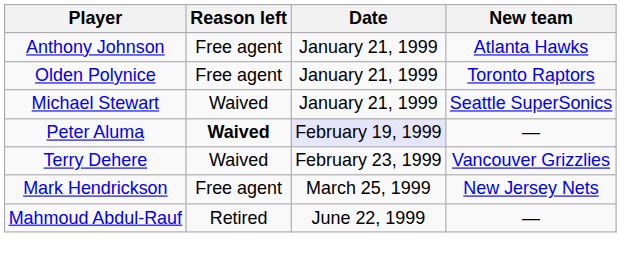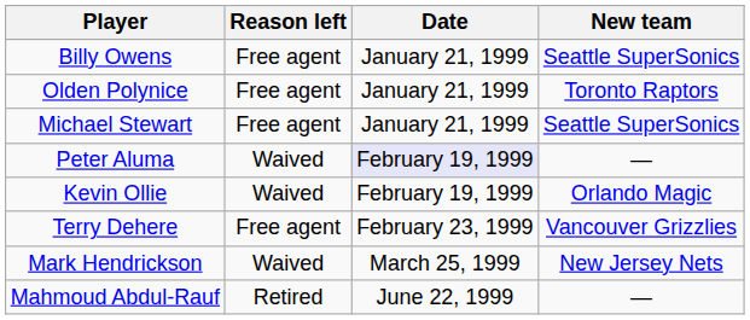 <table class="wikitable sortable sortable" style="text-align: center">
 <tr>
 <th>Player</th>
 <th>Reason left</th>
 <th>Date</th>
 <th>New team</th>
 </tr>
 <tr>
-<td><a href='#'>Anthony Johnson</a></td>
+<td><a href='#'>Billy Owens</a></td>
 <td>Free agent</td>
 <td>January 21, 1999</td>
-<td><a href='#'>Atlanta Hawks</a></td>
+<td><a href='#'>Seattle SuperSonics</a></td>
 </tr>
 <tr>
 <td><a href='#'>Olden Polynice</a></td>
 <td>Free agent</td>
 <td>January 21, 1999</td>
 <td><a href='#'>Toronto Raptors</a></td>
 </tr>
 <tr>
 <td><a href='#'>Michael Stewart</a></td>
-<td>Waived</td>
+<td>Free agent</td>
 <td>January 21, 1999</td>
 <td><a href='#'>Seattle SuperSonics</a></td>
 </tr>
 <tr>
 <td><a href='#'>Peter Aluma</a></td>
-<td><strong>Waived</strong></td>
+<td>Waived</td>
 <td style="background: lavender;">February 19, 1999</td>
 <td>—</td>
 </tr>
 <tr>
+<td><a href='#'>Kevin Ollie</a></td>
+<td>Waived</td>
+<td>February 19, 1999</td>
+<td><a href='#'>Orlando Magic</a></td>
+</tr>
+<tr>
 <td><a href='#'>Terry Dehere</a></td>
-<td>Waived</td>
+<td>Free agent</td>
 <td>February 23, 1999</td>
 <td><a href='#'>Vancouver Grizzlies</a></td>
 </tr>
 <tr>
 <td><a href='#'>Mark Hendrickson</a></td>
-<td>Free agent</td>
+<td>Waived</td>
 <td>March 25, 1999</td>
 <td><a href='#'>New Jersey Nets</a></td>
 </tr>
 <tr>
 <td><a href='#'>Mahmoud Abdul-Rauf</a></td>
 <td>Retired</td>
 <td>June 22, 1999</td>
 <td>—</td>
 </tr>
 </table>
